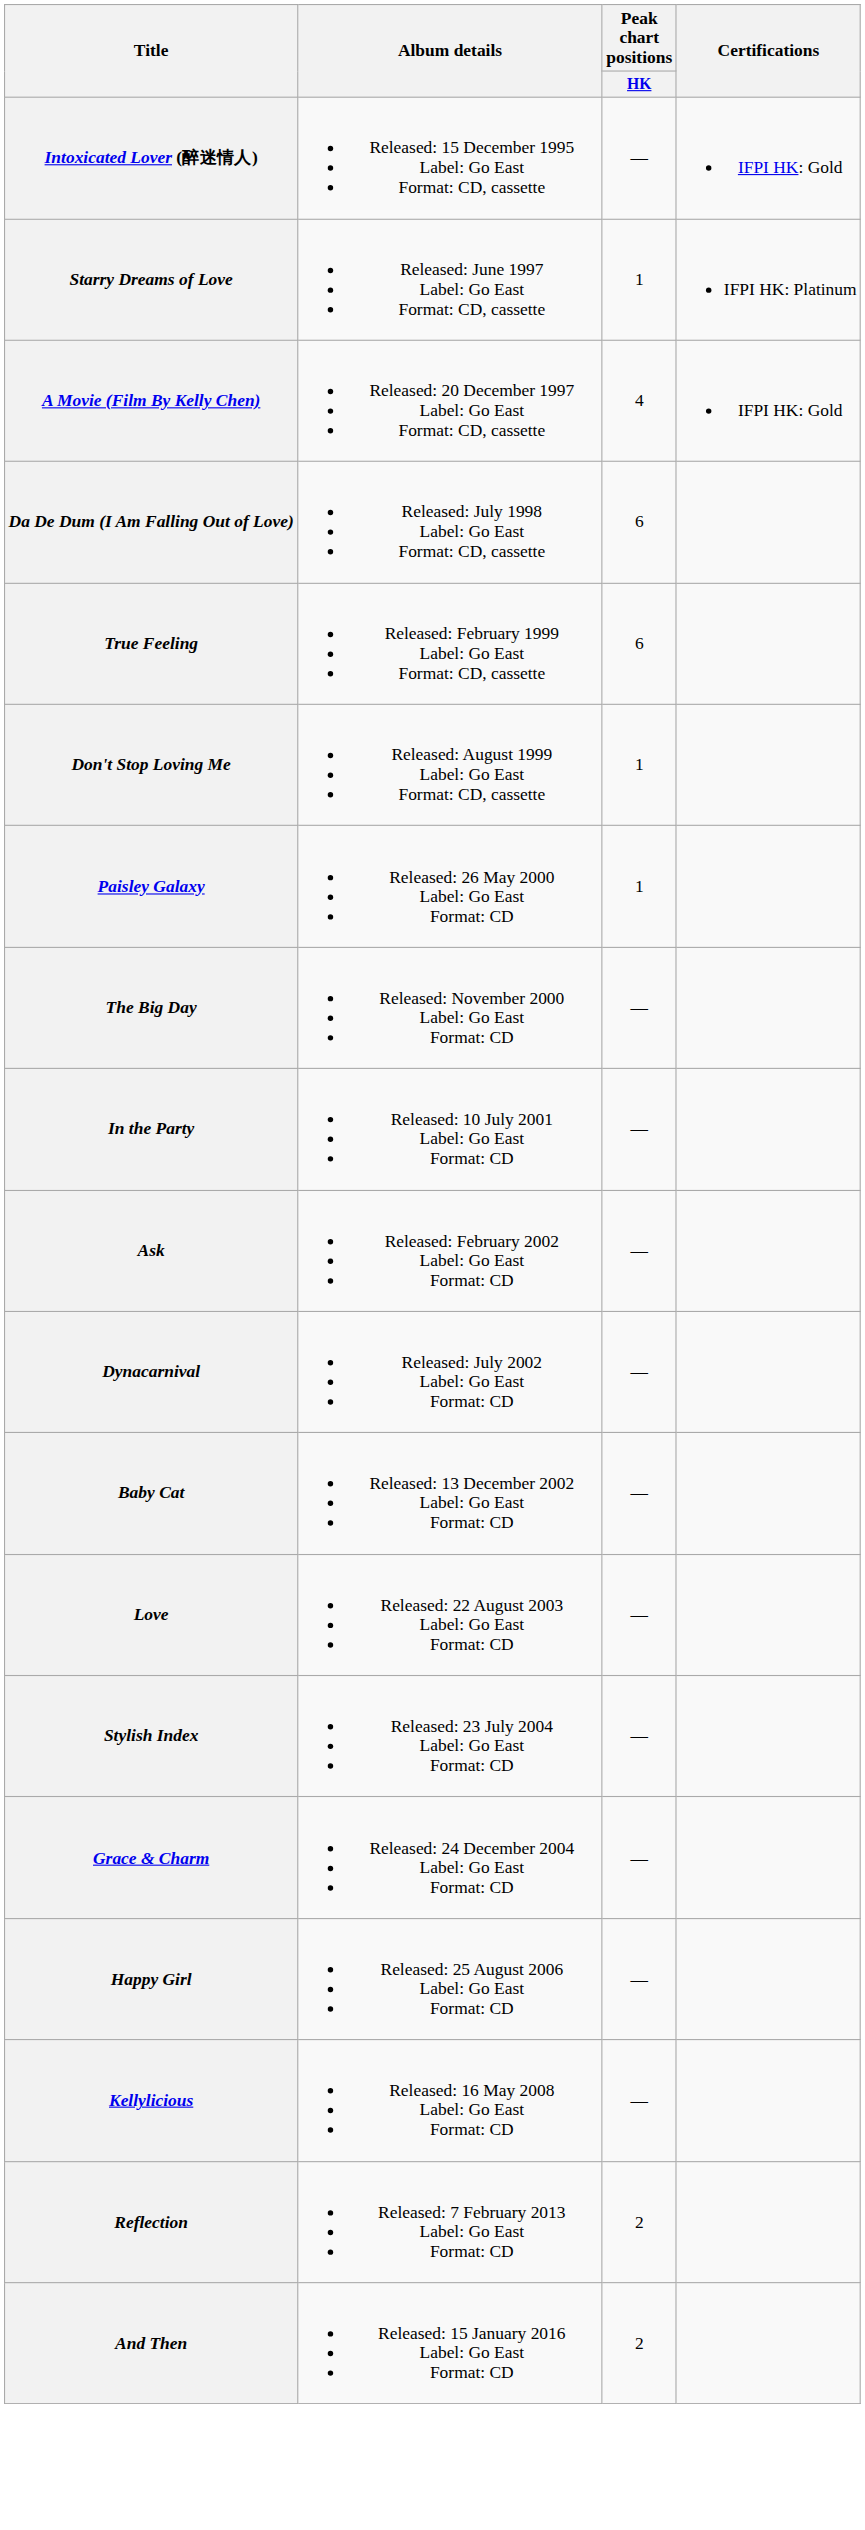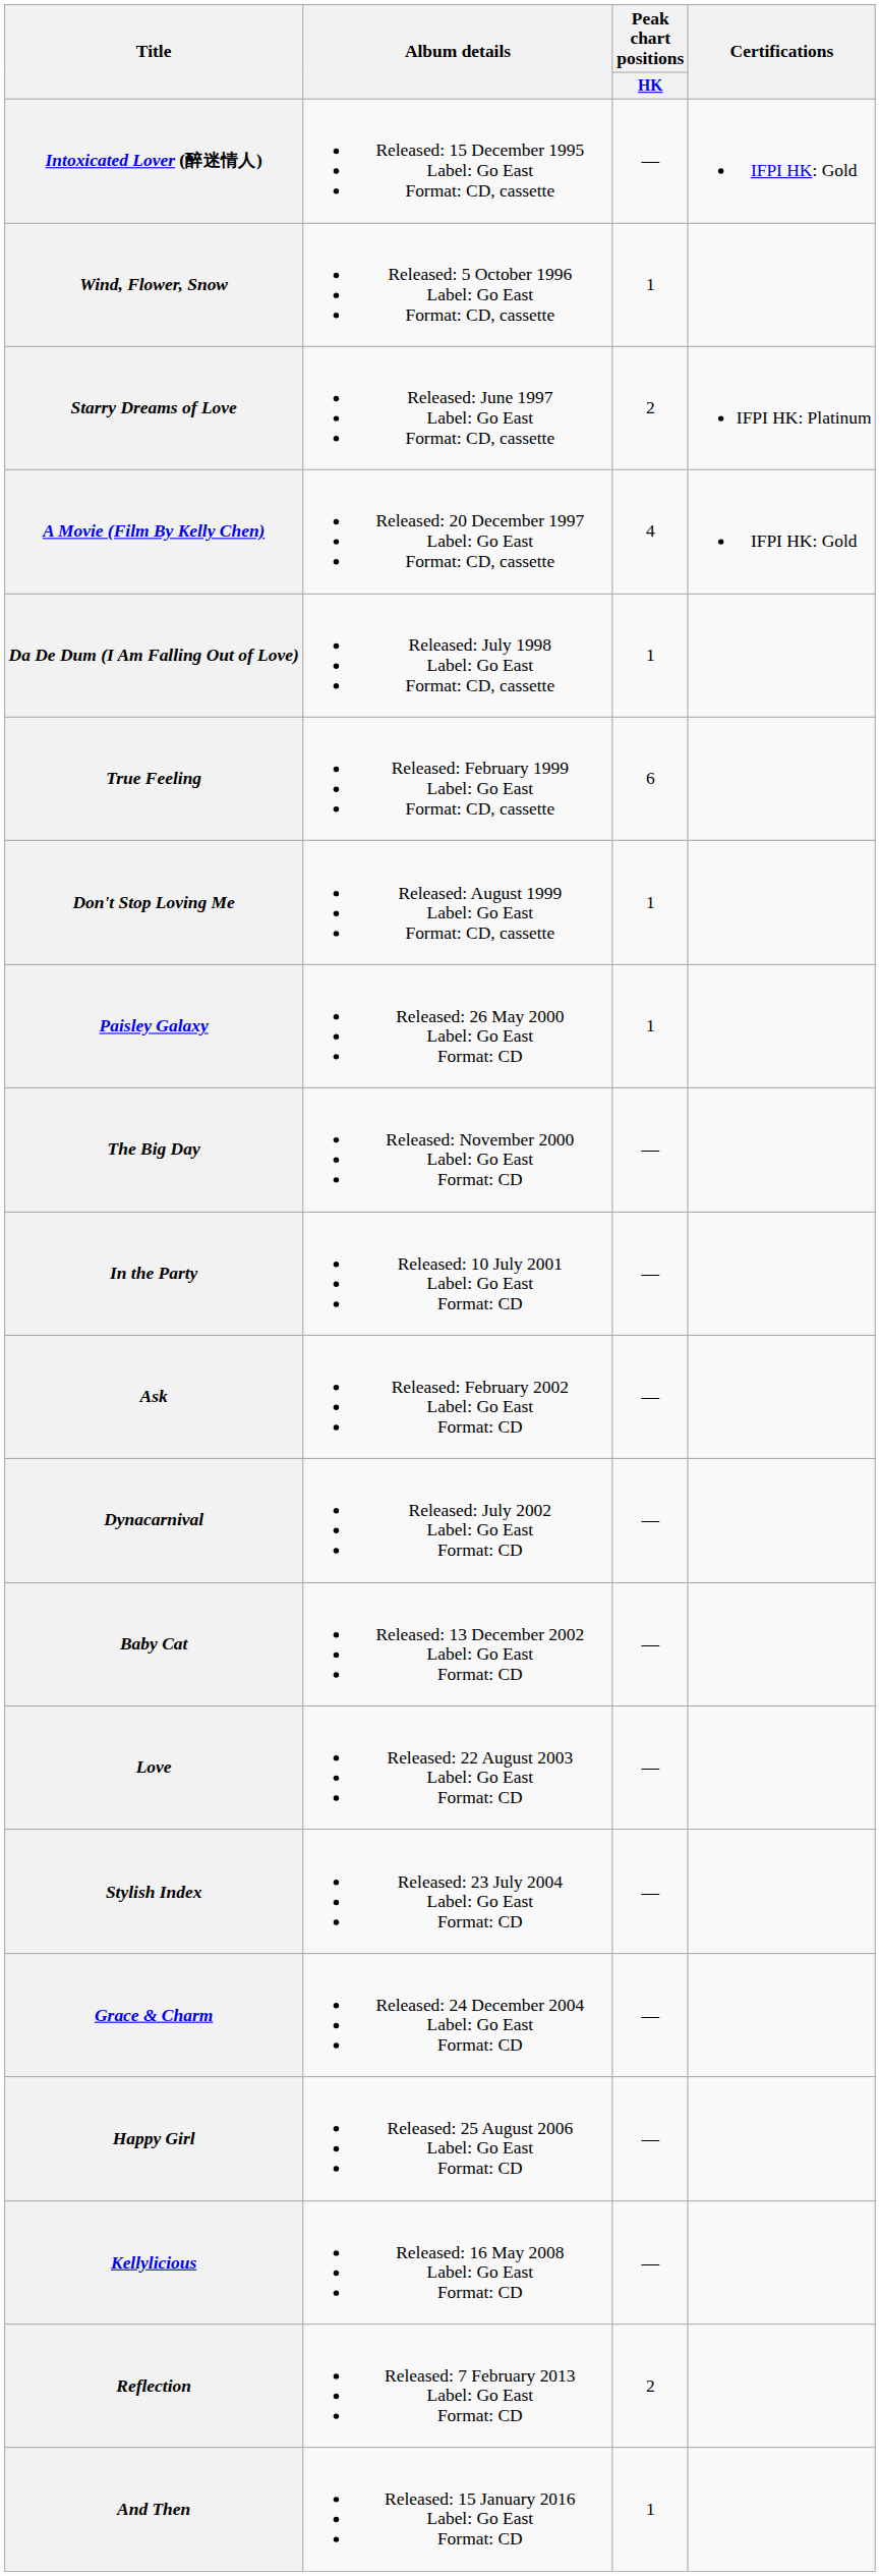 <table class="wikitable plainrowheaders" style="text-align:center;">
 <tr>
 <th rowspan="2">Title</th>
 <th rowspan="2" style="width:17em">Album details</th>
 <th>Peak chart positions</th>
 <th rowspan="2">Certifications</th>
 </tr>
 <tr>
 <th scope="col" style="width:3em;font-size:90%;"><a href='#'>HK</a><br></th>
 </tr>
 <tr>
 <th scope="row"><em><a href='#'>Intoxicated Lover</a></em> (醉迷情人)</th>
 <td><br><ul><li>Released: 15 December 1995</li><li>Label: Go East</li><li>Format: CD, cassette</li></ul></td>
 <td>—</td>
 <td><br><ul><li><a href='#'>IFPI HK</a>: Gold</li></ul></td>
 </tr>
 <tr>
+<th scope="row"><em>Wind, Flower, Snow</em></th>
+<td><br><ul><li>Released: 5 October 1996</li><li>Label: Go East</li><li>Format: CD, cassette</li></ul></td>
+<td>1</td>
+<td></td>
+</tr>
+<tr>
 <th scope="row"><em>Starry Dreams of Love</em></th>
 <td><br><ul><li>Released: June 1997</li><li>Label: Go East</li><li>Format: CD, cassette</li></ul></td>
-<td>1</td>
+<td>2</td>
 <td><br><ul><li>IFPI HK: Platinum</li></ul></td>
 </tr>
 <tr>
 <th scope="row"><em><a href='#'>A Movie (Film By Kelly Chen)</a></em></th>
 <td><br><ul><li>Released: 20 December 1997</li><li>Label: Go East</li><li>Format: CD, cassette</li></ul></td>
 <td>4</td>
 <td><br><ul><li>IFPI HK: Gold</li></ul></td>
 </tr>
 <tr>
 <th scope="row"><em>Da De Dum (I Am Falling Out of Love)</em></th>
 <td><br><ul><li>Released: July 1998</li><li>Label: Go East</li><li>Format: CD, cassette</li></ul></td>
-<td>6</td>
+<td>1</td>
 <td></td>
 </tr>
 <tr>
 <th scope="row"><em>True Feeling</em></th>
 <td><br><ul><li>Released: February 1999</li><li>Label: Go East</li><li>Format: CD, cassette</li></ul></td>
 <td>6</td>
 <td></td>
 </tr>
 <tr>
 <th scope="row"><em>Don't Stop Loving Me</em></th>
 <td><br><ul><li>Released: August 1999</li><li>Label: Go East</li><li>Format: CD, cassette</li></ul></td>
 <td>1</td>
 <td></td>
 </tr>
 <tr>
 <th scope="row"><em><a href='#'>Paisley Galaxy</a></em></th>
 <td><br><ul><li>Released: 26 May 2000</li><li>Label: Go East</li><li>Format: CD</li></ul></td>
 <td>1</td>
 <td></td>
 </tr>
 <tr>
 <th scope="row"><em>The Big Day</em></th>
 <td><br><ul><li>Released: November 2000</li><li>Label: Go East</li><li>Format: CD</li></ul></td>
 <td>—</td>
 <td></td>
 </tr>
 <tr>
 <th scope="row"><em>In the Party</em></th>
 <td><br><ul><li>Released: 10 July 2001</li><li>Label: Go East</li><li>Format: CD</li></ul></td>
 <td>—</td>
 <td></td>
 </tr>
 <tr>
 <th scope="row"><em>Ask</em></th>
 <td><br><ul><li>Released: February 2002</li><li>Label: Go East</li><li>Format: CD</li></ul></td>
 <td>—</td>
 <td></td>
 </tr>
 <tr>
 <th scope="row"><em>Dynacarnival</em></th>
 <td><br><ul><li>Released: July 2002</li><li>Label: Go East</li><li>Format: CD</li></ul></td>
 <td>—</td>
 <td></td>
 </tr>
 <tr>
 <th scope="row"><em>Baby Cat</em></th>
 <td><br><ul><li>Released: 13 December 2002</li><li>Label: Go East</li><li>Format: CD</li></ul></td>
 <td>—</td>
 <td></td>
 </tr>
 <tr>
 <th scope="row"><em>Love</em></th>
 <td><br><ul><li>Released: 22 August 2003</li><li>Label: Go East</li><li>Format: CD</li></ul></td>
 <td>—</td>
 <td></td>
 </tr>
 <tr>
 <th scope="row"><em>Stylish Index</em></th>
 <td><br><ul><li>Released: 23 July 2004</li><li>Label: Go East</li><li>Format: CD</li></ul></td>
 <td>—</td>
 <td></td>
 </tr>
 <tr>
 <th scope="row"><em><a href='#'>Grace & Charm</a></em></th>
 <td><br><ul><li>Released: 24 December 2004</li><li>Label: Go East</li><li>Format: CD</li></ul></td>
 <td>—</td>
 <td></td>
 </tr>
 <tr>
 <th scope="row"><em>Happy Girl</em></th>
 <td><br><ul><li>Released: 25 August 2006</li><li>Label: Go East</li><li>Format: CD</li></ul></td>
 <td>—</td>
 <td></td>
 </tr>
 <tr>
 <th scope="row"><em><a href='#'>Kellylicious</a></em></th>
 <td><br><ul><li>Released: 16 May 2008</li><li>Label: Go East</li><li>Format: CD</li></ul></td>
 <td>—</td>
 <td></td>
 </tr>
 <tr>
 <th scope="row"><em>Reflection</em></th>
 <td><br><ul><li>Released: 7 February 2013</li><li>Label: Go East</li><li>Format: CD</li></ul></td>
 <td>2</td>
 <td></td>
 </tr>
 <tr>
 <th scope="row"><em>And Then</em></th>
 <td><br><ul><li>Released: 15 January 2016</li><li>Label: Go East</li><li>Format: CD</li></ul></td>
-<td>2</td>
+<td>1</td>
 <td></td>
 </tr>
 </table>
